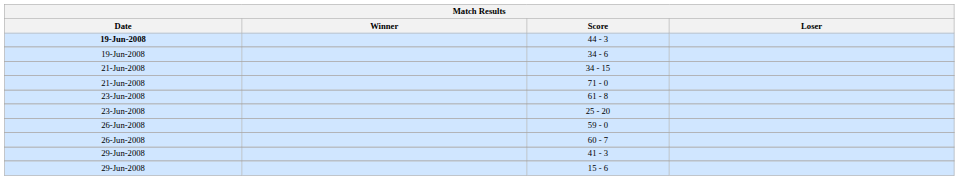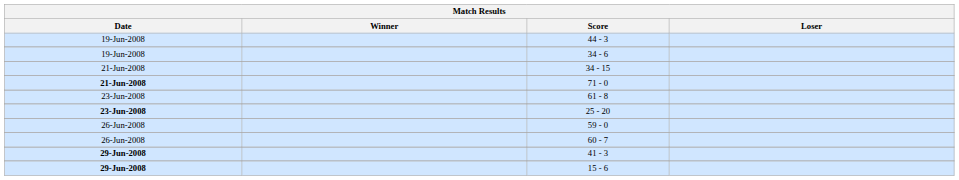 <table class="wikitable" style="font-size:90%; width: 100%; text-align: center;">
 <tr>
 <th colspan=6>Match Results</th>
 </tr>
 <tr>
 <th width=25%>Date</th>
 <th width=30%>Winner</th>
 <th width=15%>Score</th>
 <th width=30%>Loser</th>
 </tr>
 <tr style="background: #D0E6FF;">
-<td><strong>19-Jun-2008</strong></td>
+<td>19-Jun-2008</td>
 <td align="right"><strong></strong></td>
 <td>44 - 3</td>
 <td align="left"></td>
 </tr>
 <tr>
 </tr>
 <tr style="background: #D0E6FF;">
 <td>19-Jun-2008</td>
 <td align="right"><strong></strong></td>
 <td>34 - 6</td>
 <td align="left"></td>
 </tr>
 <tr>
 </tr>
 <tr style="background: #D0E6FF;">
 <td>21-Jun-2008</td>
 <td align="right"><strong></strong></td>
 <td>34 - 15</td>
 <td align="left"></td>
 </tr>
 <tr>
 </tr>
 <tr style="background: #D0E6FF;">
-<td>21-Jun-2008</td>
+<td><strong>21-Jun-2008</strong></td>
 <td align="right"><strong></strong></td>
 <td>71 - 0</td>
 <td align="left"></td>
 </tr>
 <tr>
 </tr>
 <tr style="background: #D0E6FF;">
 <td>23-Jun-2008</td>
 <td align="right"><strong></strong></td>
 <td>61 - 8</td>
 <td align="left"></td>
 </tr>
 <tr>
 </tr>
 <tr style="background: #D0E6FF;">
-<td>23-Jun-2008</td>
+<td><strong>23-Jun-2008</strong></td>
 <td align="right"><strong></strong></td>
 <td>25 - 20</td>
 <td align="left"></td>
 </tr>
 <tr>
 </tr>
 <tr style="background: #D0E6FF;">
 <td>26-Jun-2008</td>
 <td align="right"><strong></strong></td>
 <td>59 - 0</td>
 <td align="left"></td>
 </tr>
 <tr>
 </tr>
 <tr style="background: #D0E6FF;">
 <td>26-Jun-2008</td>
 <td align="right"><strong></strong></td>
 <td>60 - 7</td>
 <td align="left"></td>
 </tr>
 <tr>
 </tr>
 <tr style="background: #D0E6FF;">
-<td>29-Jun-2008</td>
+<td><strong>29-Jun-2008</strong></td>
 <td align="right"><strong></strong></td>
 <td>41 - 3</td>
 <td align="left"></td>
 </tr>
 <tr>
 </tr>
 <tr style="background: #D0E6FF;">
-<td>29-Jun-2008</td>
+<td><strong>29-Jun-2008</strong></td>
 <td align="right"><strong></strong></td>
 <td>15 - 6</td>
 <td align="left"></td>
 </tr>
 </table>
